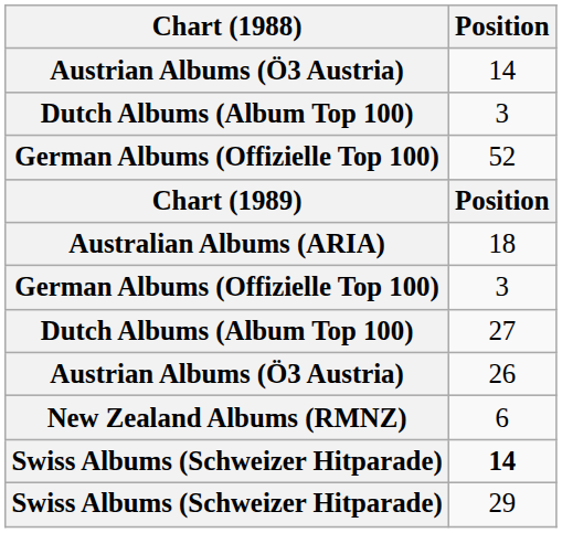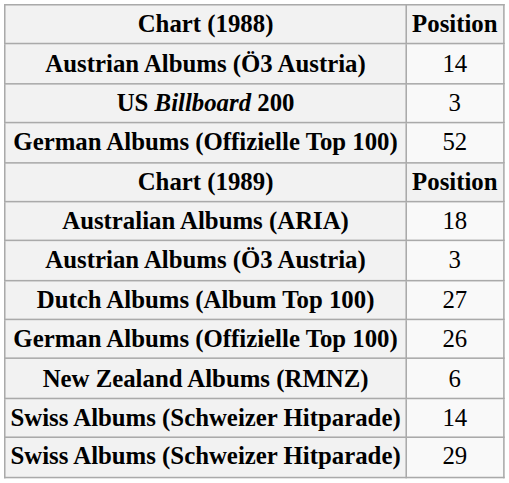 <table class="wikitable plainrowheaders" style="text-align:center">
 <tr>
 <th scope="col">Chart (1988)</th>
 <th scope="col">Position</th>
 </tr>
 <tr>
 <th scope="row">Austrian Albums (Ö3 Austria)</th>
 <td>14</td>
 </tr>
 <tr>
-<th scope="row">Dutch Albums (Album Top 100)</th>
+<th scope="row">US <em>Billboard</em> 200</th>
 <td>3</td>
 </tr>
 <tr>
 <th scope="row">German Albums (Offizielle Top 100)</th>
 <td>52</td>
 </tr>
 <tr>
 <th scope="col">Chart (1989)</th>
 <th scope="col">Position</th>
 </tr>
 <tr>
 <th scope="row">Australian Albums (ARIA)</th>
 <td>18</td>
 </tr>
 <tr>
-<th scope="row">German Albums (Offizielle Top 100)</th>
+<th scope="row">Austrian Albums (Ö3 Austria)</th>
 <td>3</td>
 </tr>
 <tr>
 <th scope="row">Dutch Albums (Album Top 100)</th>
 <td>27</td>
 </tr>
 <tr>
-<th scope="row">Austrian Albums (Ö3 Austria)</th>
+<th scope="row">German Albums (Offizielle Top 100)</th>
 <td>26</td>
 </tr>
 <tr>
 <th scope="row">New Zealand Albums (RMNZ)</th>
 <td>6</td>
 </tr>
 <tr>
 <th scope="row">Swiss Albums (Schweizer Hitparade)</th>
-<td><strong>14</strong></td>
+<td>14</td>
 </tr>
 <tr>
 <th scope="row">Swiss Albums (Schweizer Hitparade)</th>
 <td>29</td>
 </tr>
 </table>
